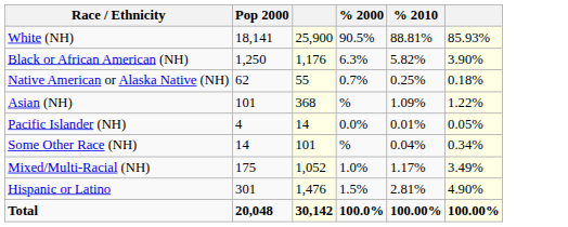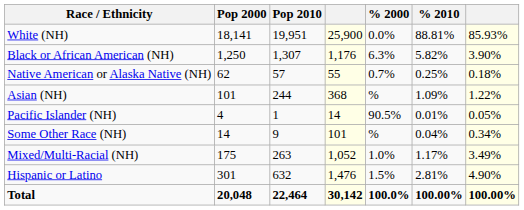 <table class="wikitable">
 <tr>
 <th>Race / Ethnicity</th>
 <th>Pop 2000</th>
+<th>Pop 2010</th>
 <th></th>
 <th>% 2000</th>
 <th>% 2010</th>
 <th></th>
 </tr>
 <tr>
 <td><a href='#'>White</a> (NH)</td>
 <td>18,141</td>
+<td>19,951</td>
 <td style='background: #ffffe6;'>25,900</td>
-<td>90.5%</td>
+<td>0.0%</td>
 <td>88.81%</td>
 <td style='background: #ffffe6;'>85.93%</td>
 </tr>
 <tr>
 <td><a href='#'>Black or African American</a> (NH)</td>
 <td>1,250</td>
+<td>1,307</td>
 <td style='background: #ffffe6;'>1,176</td>
 <td>6.3%</td>
 <td>5.82%</td>
 <td style='background: #ffffe6;'>3.90%</td>
 </tr>
 <tr>
 <td><a href='#'>Native American</a> or <a href='#'>Alaska Native</a> (NH)</td>
 <td>62</td>
+<td>57</td>
 <td style='background: #ffffe6;'>55</td>
 <td>0.7%</td>
 <td>0.25%</td>
 <td style='background: #ffffe6;'>0.18%</td>
 </tr>
 <tr>
 <td><a href='#'>Asian</a> (NH)</td>
 <td>101</td>
+<td>244</td>
 <td style='background: #ffffe6;'>368</td>
 <td>%</td>
 <td>1.09%</td>
 <td style='background: #ffffe6;'>1.22%</td>
 </tr>
 <tr>
 <td><a href='#'>Pacific Islander</a> (NH)</td>
 <td>4</td>
+<td>1</td>
 <td style='background: #ffffe6;'>14</td>
-<td>0.0%</td>
+<td>90.5%</td>
 <td>0.01%</td>
 <td style='background: #ffffe6;'>0.05%</td>
 </tr>
 <tr>
 <td><a href='#'>Some Other Race</a> (NH)</td>
 <td>14</td>
+<td>9</td>
 <td style='background: #ffffe6;'>101</td>
 <td>%</td>
 <td>0.04%</td>
 <td style='background: #ffffe6;'>0.34%</td>
 </tr>
 <tr>
 <td><a href='#'>Mixed/Multi-Racial</a> (NH)</td>
 <td>175</td>
+<td>263</td>
 <td style='background: #ffffe6;'>1,052</td>
 <td>1.0%</td>
 <td>1.17%</td>
 <td style='background: #ffffe6;'>3.49%</td>
 </tr>
 <tr>
 <td><a href='#'>Hispanic or Latino</a></td>
 <td>301</td>
+<td>632</td>
 <td style='background: #ffffe6;'>1,476</td>
 <td>1.5%</td>
 <td>2.81%</td>
 <td style='background: #ffffe6;'>4.90%</td>
 </tr>
 <tr>
 <td><strong>Total</strong></td>
 <td><strong>20,048</strong></td>
+<td><strong>22,464</strong></td>
 <td style='background: #ffffe6;'><strong>30,142</strong></td>
 <td><strong>100.0%</strong></td>
 <td><strong>100.00%</strong></td>
 <td style='background: #ffffe6;'><strong>100.00%</strong></td>
 </tr>
 </table>
